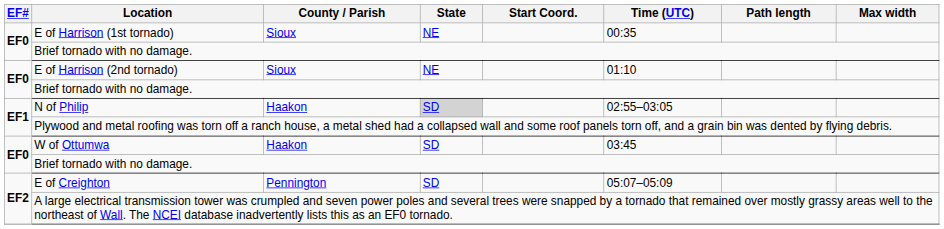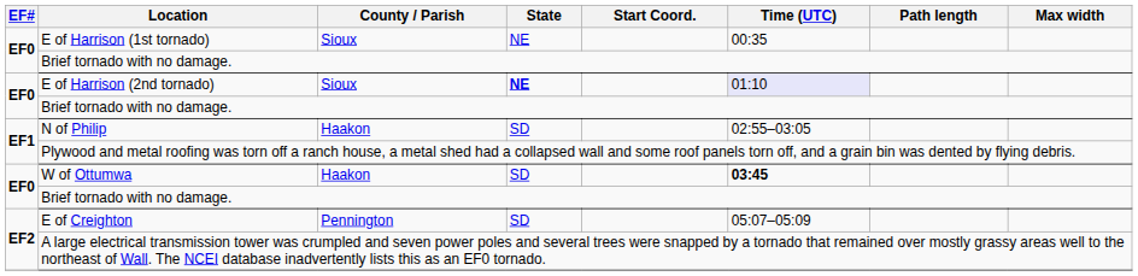 <table class="wikitable sortable" style="width:100%;">
 <tr>
 <th scope="col" width="2%" align="center"><a href='#'>EF#</a></th>
 <th scope="col" align="center" class="unsortable">Location</th>
 <th scope="col" align="center" class="unsortable">County / Parish</th>
 <th scope="col" align="center">State</th>
 <th scope="col" align="center" data-sort-type="number">Start Coord.</th>
 <th scope="col" align="center" data-sort-type="number">Time (<a href='#'>UTC</a>)</th>
 <th scope="col" align="center" data-sort-type="number">Path length</th>
 <th scope="col" align="center" data-sort-type="number">Max width</th>
 </tr>
 <tr>
 <td rowspan="2" align="center"><strong>EF0</strong></td>
 <td>E of <a href='#'>Harrison</a> (1st tornado)</td>
 <td><a href='#'>Sioux</a></td>
 <td><a href='#'>NE</a></td>
 <td></td>
 <td>00:35</td>
 <td></td>
 <td></td>
 </tr>
 <tr class="expand-child">
 <td colspan="8" style=" border-bottom: 1px solid black;">Brief tornado with no damage.</td>
 </tr>
 <tr>
 <td rowspan="2" align="center"><strong>EF0</strong></td>
 <td>E of <a href='#'>Harrison</a> (2nd tornado)</td>
 <td><a href='#'>Sioux</a></td>
-<td><a href='#'>NE</a></td>
+<td><strong><a href='#'>NE</a></strong></td>
 <td></td>
-<td>01:10</td>
+<td style="background: lavender;">01:10</td>
 <td></td>
 <td></td>
 </tr>
 <tr class="expand-child">
 <td colspan="8" style=" border-bottom: 1px solid black;">Brief tornado with no damage.</td>
 </tr>
 <tr>
 <td rowspan="2" align="center"><strong>EF1</strong></td>
 <td>N of <a href='#'>Philip</a></td>
 <td><a href='#'>Haakon</a></td>
-<td style="background: lightgrey;"><a href='#'>SD</a></td>
+<td><a href='#'>SD</a></td>
 <td></td>
 <td>02:55–03:05</td>
 <td></td>
 <td></td>
 </tr>
 <tr class="expand-child">
 <td colspan="8" style=" border-bottom: 1px solid black;">Plywood and metal roofing was torn off a ranch house, a metal shed had a collapsed wall and some roof panels torn off, and a grain bin was dented by flying debris.</td>
 </tr>
 <tr>
 <td rowspan="2" align="center"><strong>EF0</strong></td>
 <td>W of <a href='#'>Ottumwa</a></td>
 <td><a href='#'>Haakon</a></td>
 <td><a href='#'>SD</a></td>
 <td></td>
-<td>03:45</td>
+<td><strong>03:45</strong></td>
 <td></td>
 <td></td>
 </tr>
 <tr class="expand-child">
 <td colspan="8" style=" border-bottom: 1px solid black;">Brief tornado with no damage.</td>
 </tr>
 <tr>
 <td rowspan="2" align="center"><strong>EF2</strong> </td>
 <td>E of <a href='#'>Creighton</a></td>
 <td><a href='#'>Pennington</a></td>
 <td><a href='#'>SD</a></td>
 <td></td>
 <td>05:07–05:09</td>
 <td></td>
 <td></td>
 </tr>
 <tr class="expand-child">
 <td colspan="8" style=" border-bottom: 1px solid black;">A large electrical transmission tower was crumpled and seven power poles and several trees were snapped by a tornado that remained over mostly grassy areas well to the northeast of <a href='#'>Wall</a>. The <a href='#'>NCEI</a> database inadvertently lists this as an EF0 tornado.</td>
 </tr>
 <tr>
 </tr>
 </table>
